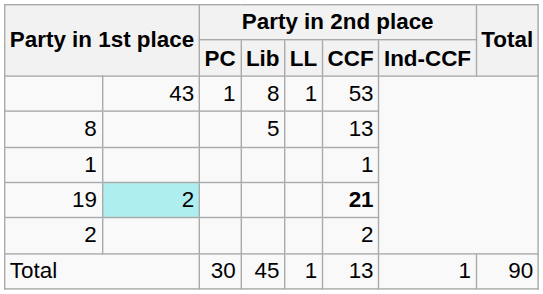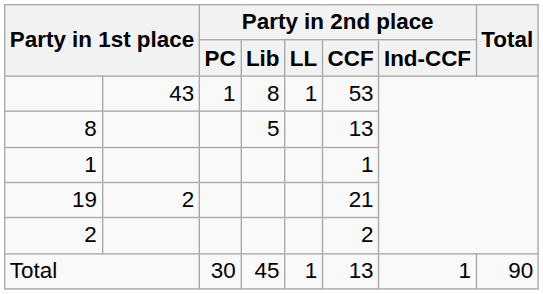 <table class="wikitable" style="text-align:right;">
 <tr>
 <th rowspan="2" colspan="2" style="text-align:left;">Party in 1st place</th>
 <th colspan="5">Party in 2nd place</th>
 <th rowspan="2">Total</th>
 </tr>
 <tr>
 <th>PC</th>
 <th>Lib</th>
 <th>LL</th>
 <th>CCF</th>
 <th>Ind-CCF</th>
 </tr>
 <tr>
 <td></td>
 <td>43</td>
 <td>1</td>
 <td>8</td>
 <td>1</td>
 <td>53</td>
 </tr>
 <tr>
 <td>8</td>
 <td></td>
 <td></td>
 <td>5</td>
 <td></td>
 <td>13</td>
 </tr>
 <tr>
 <td>1</td>
 <td></td>
 <td></td>
 <td></td>
 <td></td>
 <td>1</td>
 </tr>
 <tr>
 <td>19</td>
-<td style="background: paleturquoise;">2</td>
+<td>2</td>
 <td></td>
 <td></td>
 <td></td>
-<td><strong>21</strong></td>
+<td>21</td>
 </tr>
 <tr>
 <td>2</td>
 <td></td>
 <td></td>
 <td></td>
 <td></td>
 <td>2</td>
 </tr>
 <tr>
 <td colspan="2" style="text-align:left;">Total</td>
 <td>30</td>
 <td>45</td>
 <td>1</td>
 <td>13</td>
 <td>1</td>
 <td>90</td>
 </tr>
 </table>
